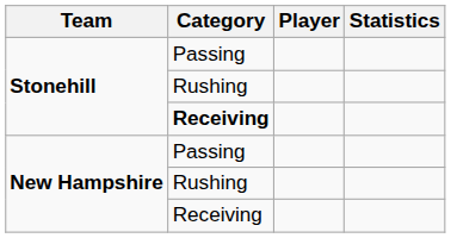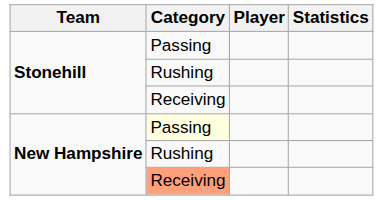 <table class="wikitable" style="float: right;">
 <tr>
 <th>Team</th>
 <th>Category</th>
 <th>Player</th>
 <th>Statistics</th>
 </tr>
 <tr>
 <td rowspan=3><strong>Stonehill</strong></td>
 <td>Passing</td>
 <td></td>
 <td></td>
 </tr>
 <tr>
 <td>Rushing</td>
 <td></td>
 <td></td>
 </tr>
 <tr>
-<td><strong>Receiving</strong></td>
+<td>Receiving</td>
 <td></td>
 <td></td>
 </tr>
 <tr>
 <td rowspan=3><strong>New Hampshire</strong></td>
-<td>Passing</td>
+<td style="background: lightyellow;">Passing</td>
 <td></td>
 <td></td>
 </tr>
 <tr>
 <td>Rushing</td>
 <td></td>
 <td></td>
 </tr>
 <tr>
-<td>Receiving</td>
+<td style="background: lightsalmon;">Receiving</td>
 <td></td>
 <td></td>
 </tr>
 </table>
